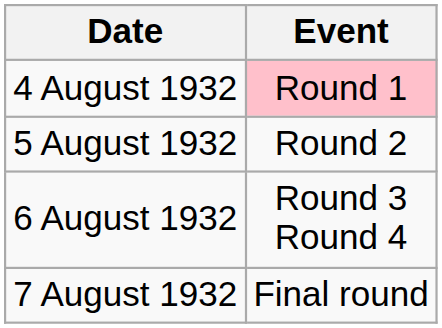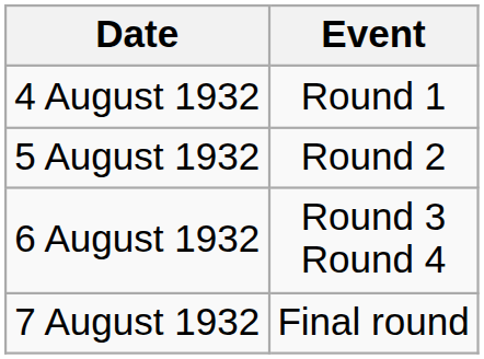 <table class = "wikitable" style="text-align:center;">
 <tr>
 <th>Date</th>
 <th>Event</th>
 </tr>
 <tr>
 <td>4 August 1932</td>
-<td style="background: pink;">Round 1</td>
+<td>Round 1</td>
 </tr>
 <tr>
 <td>5 August 1932</td>
 <td>Round 2</td>
 </tr>
 <tr>
 <td>6 August 1932</td>
 <td>Round 3<br>Round 4</td>
 </tr>
 <tr>
 <td>7 August 1932</td>
 <td>Final round</td>
 </tr>
 </table>
